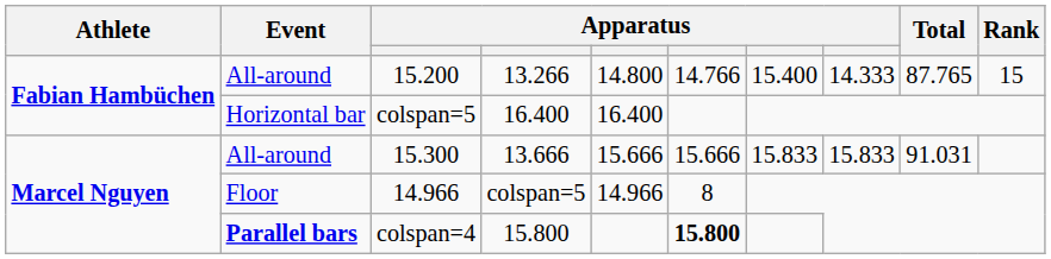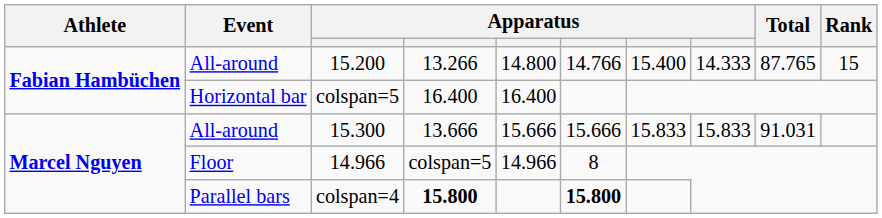 <table class="wikitable" style="font-size:90%">
 <tr>
 <th rowspan=2>Athlete</th>
 <th rowspan=2>Event</th>
 <th colspan =6>Apparatus</th>
 <th rowspan=2>Total</th>
 <th rowspan=2>Rank</th>
 </tr>
 <tr style="font-size:95%">
 <th></th>
 <th></th>
 <th></th>
 <th></th>
 <th></th>
 <th></th>
 </tr>
 <tr align=center>
 <td align=left rowspan=2><strong><a href='#'>Fabian Hambüchen</a></strong></td>
 <td align=left><a href='#'>All-around</a></td>
 <td>15.200</td>
 <td>13.266</td>
 <td>14.800</td>
 <td>14.766</td>
 <td>15.400</td>
 <td>14.333</td>
 <td>87.765</td>
 <td>15</td>
 </tr>
 <tr align=center>
 <td align=left><a href='#'>Horizontal bar</a></td>
 <td>colspan=5 </td>
 <td>16.400</td>
 <td>16.400</td>
 <td></td>
 </tr>
 <tr align=center>
 <td align=left rowspan=3><strong><a href='#'>Marcel Nguyen</a></strong></td>
 <td align=left><a href='#'>All-around</a></td>
 <td>15.300</td>
 <td>13.666</td>
 <td>15.666</td>
 <td>15.666</td>
 <td>15.833</td>
 <td>15.833</td>
 <td>91.031</td>
 <td></td>
 </tr>
 <tr align=center>
 <td align=left><a href='#'>Floor</a></td>
 <td>14.966</td>
 <td>colspan=5 </td>
 <td>14.966</td>
 <td>8</td>
 </tr>
 <tr align=center>
-<td align=left><strong><a href='#'>Parallel bars</a></strong></td>
+<td align=left><a href='#'>Parallel bars</a></td>
 <td>colspan=4 </td>
-<td>15.800</td>
+<td><strong>15.800</strong></td>
 <td></td>
 <td><strong>15.800</strong></td>
 <td></td>
 </tr>
 </table>
